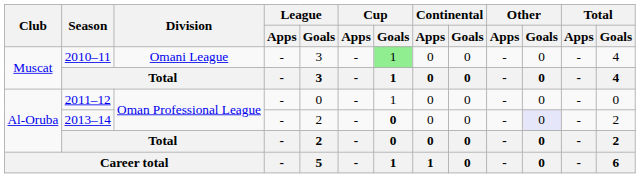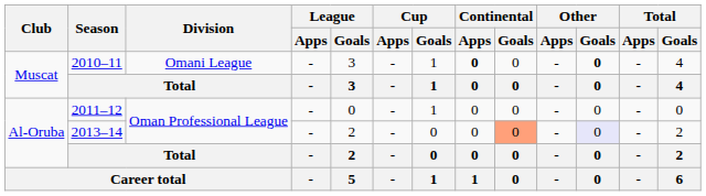 <table class="wikitable" style="text-align: center;">
 <tr>
 <th rowspan="2">Club</th>
 <th rowspan="2">Season</th>
 <th rowspan="2">Division</th>
 <th colspan="2">League</th>
 <th colspan="2">Cup</th>
 <th colspan="2">Continental</th>
 <th colspan="2">Other</th>
 <th colspan="2">Total</th>
 </tr>
 <tr>
 <th>Apps</th>
 <th>Goals</th>
 <th>Apps</th>
 <th>Goals</th>
 <th>Apps</th>
 <th>Goals</th>
 <th>Apps</th>
 <th>Goals</th>
 <th>Apps</th>
 <th>Goals</th>
 </tr>
 <tr>
 <td rowspan="2"><a href='#'>Muscat</a></td>
 <td><a href='#'>2010–11</a></td>
 <td rowspan="1"><a href='#'>Omani League</a></td>
 <td>-</td>
 <td>3</td>
 <td>-</td>
-<td style="background: lightgreen;">1</td>
-<td>0</td>
+<td>1</td>
+<td><strong>0</strong></td>
 <td>0</td>
 <td>-</td>
-<td>0</td>
+<td><strong>0</strong></td>
 <td>-</td>
 <td>4</td>
 </tr>
 <tr>
 <th colspan="2">Total</th>
 <th>-</th>
 <th>3</th>
 <th>-</th>
 <th>1</th>
 <th>0</th>
 <th>0</th>
 <th>-</th>
 <th>0</th>
 <th>-</th>
 <th>4</th>
 </tr>
 <tr>
 <td rowspan="3"><a href='#'>Al-Oruba</a></td>
 <td><a href='#'>2011–12</a></td>
 <td rowspan="2"><a href='#'>Oman Professional League</a></td>
 <td>-</td>
 <td>0</td>
 <td>-</td>
 <td>1</td>
 <td>0</td>
 <td>0</td>
 <td>-</td>
 <td>0</td>
 <td>-</td>
 <td>0</td>
 </tr>
 <tr>
 <td><a href='#'>2013–14</a></td>
 <td>-</td>
 <td>2</td>
 <td>-</td>
-<td><strong>0</strong></td>
 <td>0</td>
 <td>0</td>
+<td style="background: lightsalmon;">0</td>
 <td>-</td>
 <td style="background: lavender;">0</td>
 <td>-</td>
 <td>2</td>
 </tr>
 <tr>
 <th colspan="2">Total</th>
 <th>-</th>
 <th>2</th>
 <th>-</th>
 <th>0</th>
 <th>0</th>
 <th>0</th>
 <th>-</th>
 <th>0</th>
 <th>-</th>
 <th>2</th>
 </tr>
 <tr>
 <th colspan="3">Career total</th>
 <th>-</th>
 <th>5</th>
 <th>-</th>
 <th>1</th>
 <th>1</th>
 <th>0</th>
 <th>-</th>
 <th>0</th>
 <th>-</th>
 <th>6</th>
 </tr>
 </table>
